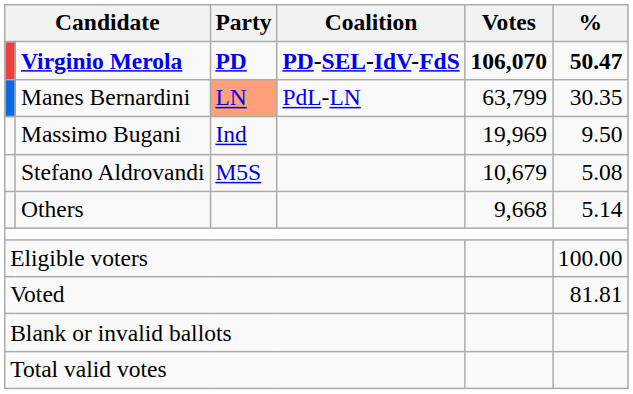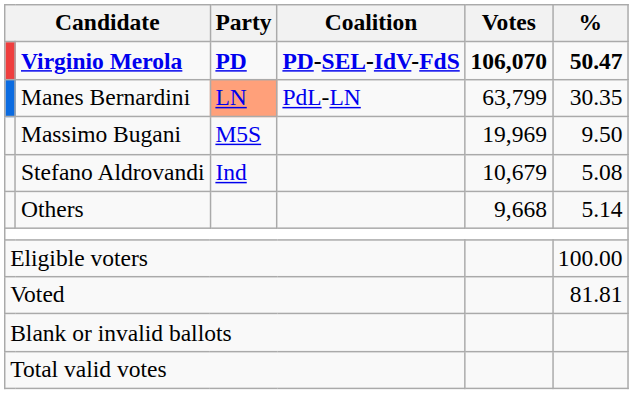 <table class="wikitable centre">
 <tr>
 <th scope="col" colspan=2>Candidate</th>
 <th scope="col">Party</th>
 <th scope="col">Coalition</th>
 <th scope="col">Votes</th>
 <th scope="col">%</th>
 </tr>
 <tr>
 <td bgcolor="#EF3E3E"></td>
 <td><strong><a href='#'>Virginio Merola</a></strong></td>
 <td><strong><a href='#'>PD</a></strong></td>
 <td><strong><a href='#'>PD</a>-<a href='#'>SEL</a>-<a href='#'>IdV</a>-<a href='#'>FdS</a></strong></td>
 <td style="text-align: right"><strong>106,070</strong></td>
 <td style="text-align: right"><strong>50.47</strong></td>
 </tr>
 <tr>
 <td bgcolor="#0A6BE1"></td>
 <td>Manes Bernardini</td>
 <td style="background: lightsalmon;"><a href='#'>LN</a></td>
 <td><a href='#'>PdL</a>-<a href='#'>LN</a></td>
 <td style="text-align: right">63,799</td>
 <td style="text-align: right">30.35</td>
 </tr>
 <tr>
 <td></td>
 <td>Massimo Bugani</td>
-<td><a href='#'>Ind</a></td>
+<td><a href='#'>M5S</a></td>
 <td></td>
 <td style="text-align: right">19,969</td>
 <td style="text-align: right">9.50</td>
 </tr>
 <tr>
 <td></td>
 <td>Stefano Aldrovandi</td>
-<td><a href='#'>M5S</a></td>
+<td><a href='#'>Ind</a></td>
 <td></td>
 <td style="text-align: right">10,679</td>
 <td style="text-align: right">5.08</td>
 </tr>
 <tr>
 <td bgcolor=""></td>
 <td>Others</td>
 <td></td>
 <td></td>
 <td style="text-align: right">9,668</td>
 <td style="text-align: right">5.14</td>
 </tr>
 <tr bgcolor=white>
 <td colspan=8></td>
 </tr>
 <tr>
 <td colspan=4>Eligible voters</td>
 <td style="text-align: right"></td>
 <td style="text-align: right">100.00</td>
 </tr>
 <tr>
 <td colspan=4>Voted</td>
 <td style="text-align: right"></td>
 <td style="text-align: right">81.81</td>
 </tr>
 <tr>
 <td colspan=4>Blank or invalid ballots</td>
 <td style="text-align: right"></td>
 <td style="text-align: right"></td>
 </tr>
 <tr>
 <td colspan=4>Total valid votes</td>
 <td style="text-align: right"></td>
 <td style="text-align: right"></td>
 </tr>
 </table>
